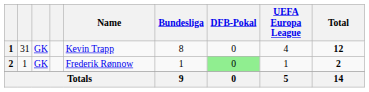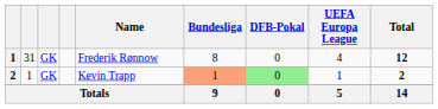 <table class="wikitable" style="text-align:center">
 <tr>
 <th width=15></th>
 <th width=15></th>
 <th width=15></th>
 <th width=15></th>
 <th width=145>Name</th>
 <th width=80><a href='#'>Bundesliga</a></th>
 <th width=80><a href='#'>DFB-Pokal</a></th>
 <th width=80><a href='#'>UEFA Europa League</a></th>
 <th width=80>Total</th>
 </tr>
 <tr>
 <th rowspan=1>1</th>
 <td>31</td>
 <td><a href='#'>GK</a></td>
 <td></td>
-<td align=left><a href='#'>Kevin Trapp</a></td>
+<td align=left><a href='#'>Frederik Rønnow</a></td>
 <td>8</td>
 <td>0</td>
 <td>4</td>
 <td><strong>12</strong></td>
 </tr>
 <tr>
 <th rowspan=1>2</th>
 <td>1</td>
 <td><a href='#'>GK</a></td>
 <td></td>
-<td align=left><a href='#'>Frederik Rønnow</a></td>
-<td>1</td>
+<td align=left><a href='#'>Kevin Trapp</a></td>
+<td style="background: lightsalmon;">1</td>
 <td style="background: lightgreen;">0</td>
 <td>1</td>
 <td><strong>2</strong></td>
 </tr>
 <tr>
 </tr>
 <tr>
 <th colspan=5>Totals</th>
 <th>9</th>
 <th>0</th>
 <th>5</th>
 <th>14</th>
 </tr>
 </table>
